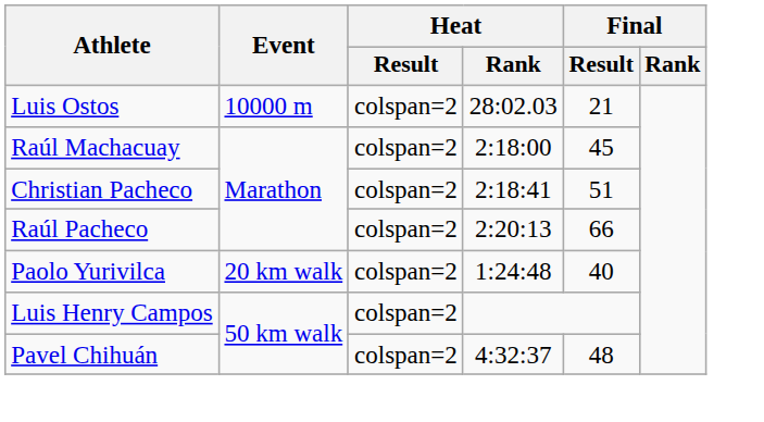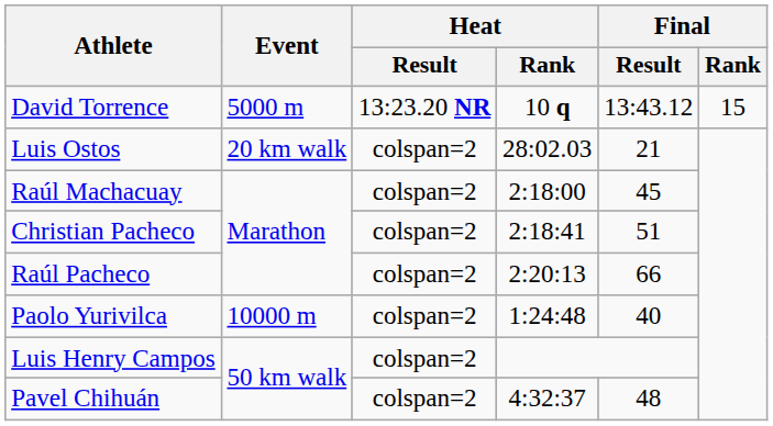 <table class="wikitable" style="font-size:90%">
 <tr>
 <th rowspan="2">Athlete</th>
 <th rowspan="2">Event</th>
 <th colspan="2">Heat</th>
 <th colspan="2">Final</th>
 </tr>
 <tr style="font-size:95%">
 <th>Result</th>
 <th>Rank</th>
 <th>Result</th>
 <th>Rank</th>
 </tr>
 <tr align=center>
+<td align=left><a href='#'>David Torrence</a></td>
+<td align=left><a href='#'>5000 m</a></td>
+<td>13:23.20 <strong><a href='#'>NR</a></strong></td>
+<td>10 <strong>q</strong></td>
+<td>13:43.12</td>
+<td>15</td>
+</tr>
+<tr align=center>
 <td align=left><a href='#'>Luis Ostos</a></td>
-<td align=left><a href='#'>10000 m</a></td>
+<td align=left><a href='#'>20 km walk</a></td>
 <td>colspan=2 </td>
 <td>28:02.03</td>
 <td>21</td>
 </tr>
 <tr align=center>
 <td align=left><a href='#'>Raúl Machacuay</a></td>
 <td align=left rowspan=3><a href='#'>Marathon</a></td>
 <td>colspan=2 </td>
 <td>2:18:00</td>
 <td>45</td>
 </tr>
 <tr align=center>
 <td align=left><a href='#'>Christian Pacheco</a></td>
 <td>colspan=2 </td>
 <td>2:18:41</td>
 <td>51</td>
 </tr>
 <tr align=center>
 <td align=left><a href='#'>Raúl Pacheco</a></td>
 <td>colspan=2 </td>
 <td>2:20:13</td>
 <td>66</td>
 </tr>
 <tr align=center>
 <td align=left><a href='#'>Paolo Yurivilca</a></td>
-<td align=left><a href='#'>20 km walk</a></td>
+<td align=left><a href='#'>10000 m</a></td>
 <td>colspan=2 </td>
 <td>1:24:48</td>
 <td>40</td>
 </tr>
 <tr align=center>
 <td align=left><a href='#'>Luis Henry Campos</a></td>
 <td align=left rowspan=2><a href='#'>50 km walk</a></td>
 <td>colspan=2 </td>
 <td colspan=2></td>
 </tr>
 <tr align=center>
 <td align=left><a href='#'>Pavel Chihuán</a></td>
 <td>colspan=2 </td>
 <td>4:32:37</td>
 <td>48</td>
 </tr>
 </table>
